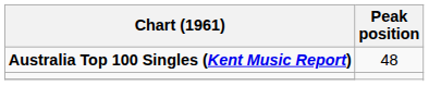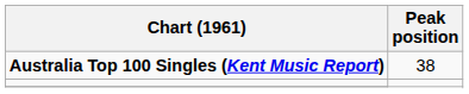 <table class="wikitable sortable">
 <tr>
 <th align="left">Chart (1961)</th>
 <th align="center">Peak<br>position</th>
 </tr>
 <tr>
 <td align="left"><strong>Australia Top 100 Singles (<em><a href='#'>Kent Music Report</a></em>)</strong></td>
-<td align="center">48</td>
+<td align="center">38</td>
 </tr>
 <tr>
 <td></td>
 </tr>
 <tr>
 </tr>
 </table>
